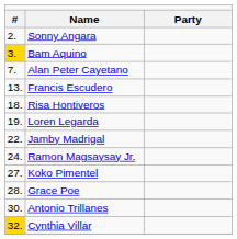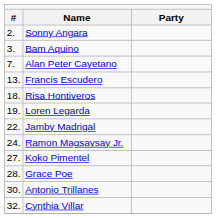 <table class=wikitable style="font-size:90%">
 <tr>
 <td colspan=4 bgcolor=></td>
 </tr>
 <tr>
 <th>#</th>
 <th width=150px>Name</th>
 <th colspan=2 width=110px>Party</th>
 </tr>
 <tr>
 <td>2.</td>
 <td><a href='#'>Sonny Angara</a></td>
 <td></td>
 </tr>
 <tr>
-<td style="background: gold;">3.</td>
+<td>3.</td>
 <td><a href='#'>Bam Aquino</a></td>
 <td></td>
 </tr>
 <tr>
 <td>7.</td>
 <td><a href='#'>Alan Peter Cayetano</a></td>
 <td></td>
 </tr>
 <tr>
 <td>13.</td>
 <td><a href='#'>Francis Escudero</a></td>
 <td></td>
 </tr>
 <tr>
 <td>18.</td>
 <td><a href='#'>Risa Hontiveros</a></td>
 <td></td>
 </tr>
 <tr>
 <td>19.</td>
 <td><a href='#'>Loren Legarda</a></td>
 <td></td>
 </tr>
 <tr>
 <td>22.</td>
 <td><a href='#'>Jamby Madrigal</a></td>
 <td></td>
 </tr>
 <tr>
 <td>24.</td>
 <td><a href='#'>Ramon Magsaysay Jr.</a></td>
 <td></td>
 </tr>
 <tr>
 <td>27.</td>
 <td><a href='#'>Koko Pimentel</a></td>
 <td></td>
 </tr>
 <tr>
 <td>28.</td>
 <td><a href='#'>Grace Poe</a></td>
 <td></td>
 </tr>
 <tr>
 <td>30.</td>
 <td><a href='#'>Antonio Trillanes</a></td>
 <td></td>
 </tr>
 <tr>
-<td style="background: gold;">32.</td>
+<td>32.</td>
 <td><a href='#'>Cynthia Villar</a></td>
 <td></td>
 </tr>
 <tr>
 </tr>
 </table>
